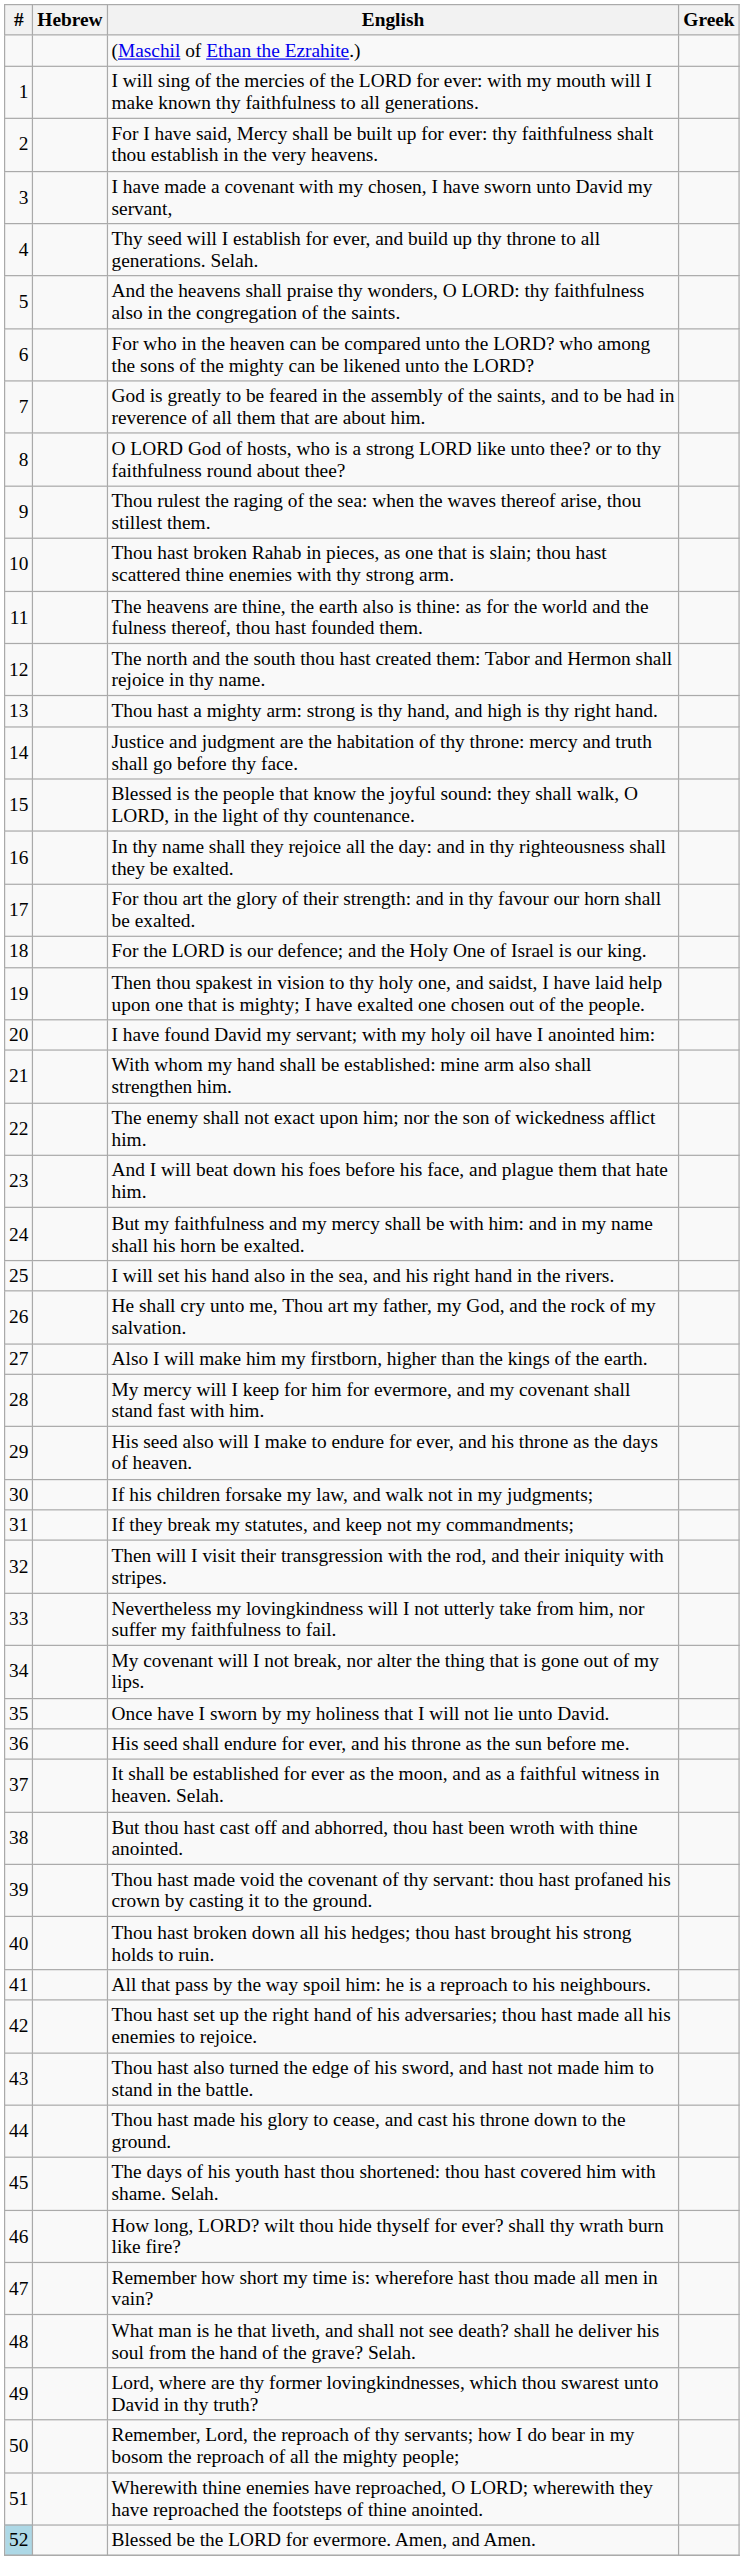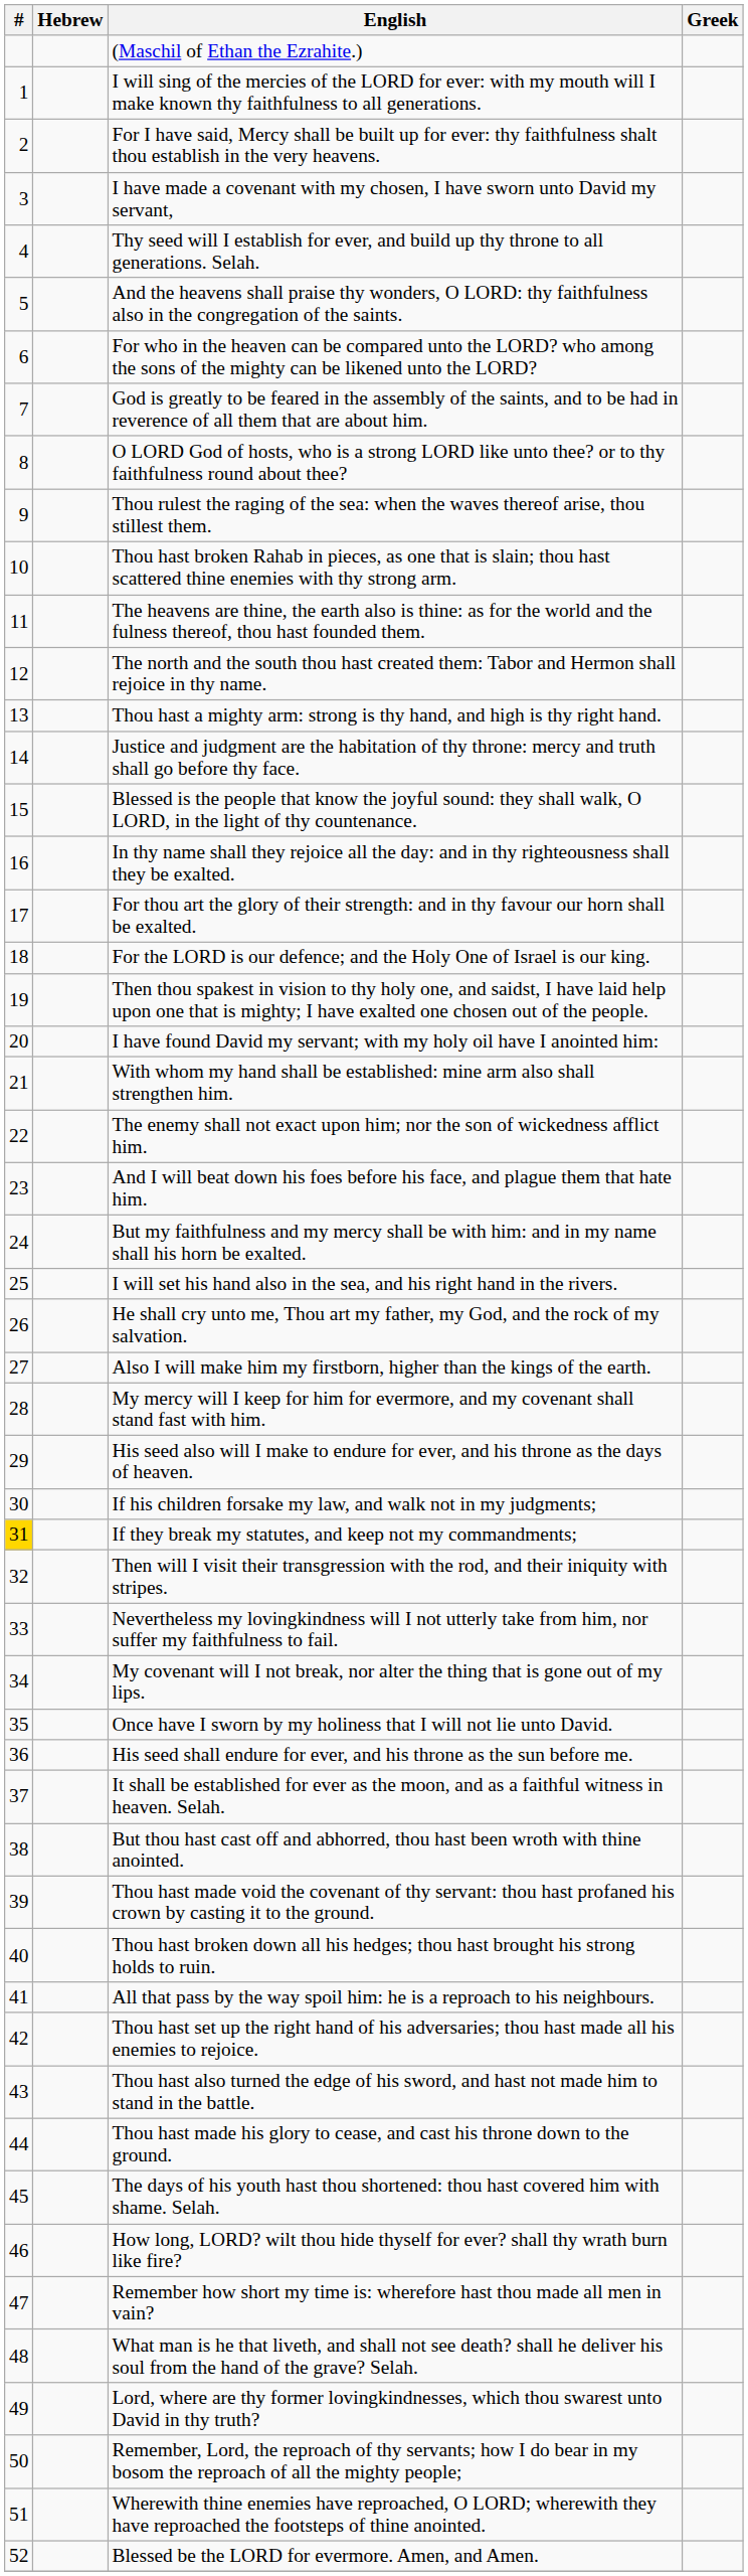 <table class=wikitable>
 <tr>
 <th>#</th>
 <th>Hebrew</th>
 <th>English</th>
 <th>Greek</th>
 </tr>
 <tr>
 <td style="text-align:right"></td>
 <td style="text-align:right"></td>
 <td>(<a href='#'>Maschil</a> of <a href='#'>Ethan the Ezrahite</a>.)</td>
 <td></td>
 </tr>
 <tr>
 <td style="text-align:right">1</td>
 <td style="text-align:right"></td>
 <td>I will sing of the mercies of the LORD for ever: with my mouth will I make known thy faithfulness to all generations.</td>
 <td></td>
 </tr>
 <tr>
 <td style="text-align:right">2</td>
 <td style="text-align:right"></td>
 <td>For I have said, Mercy shall be built up for ever: thy faithfulness shalt thou establish in the very heavens.</td>
 <td></td>
 </tr>
 <tr>
 <td style="text-align:right">3</td>
 <td style="text-align:right"></td>
 <td>I have made a covenant with my chosen, I have sworn unto David my servant,</td>
 <td></td>
 </tr>
 <tr>
 <td style="text-align:right">4</td>
 <td style="text-align:right"></td>
 <td>Thy seed will I establish for ever, and build up thy throne to all generations. Selah.</td>
 <td></td>
 </tr>
 <tr>
 <td style="text-align:right">5</td>
 <td style="text-align:right"></td>
 <td>And the heavens shall praise thy wonders, O LORD: thy faithfulness also in the congregation of the saints.</td>
 <td></td>
 </tr>
 <tr>
 <td style="text-align:right">6</td>
 <td style="text-align:right"></td>
 <td>For who in the heaven can be compared unto the LORD? who among the sons of the mighty can be likened unto the LORD?</td>
 <td></td>
 </tr>
 <tr>
 <td style="text-align:right">7</td>
 <td style="text-align:right"></td>
 <td>God is greatly to be feared in the assembly of the saints, and to be had in reverence of all them that are about him.</td>
 <td></td>
 </tr>
 <tr>
 <td style="text-align:right">8</td>
 <td style="text-align:right"></td>
 <td>O LORD God of hosts, who is a strong LORD like unto thee? or to thy faithfulness round about thee?</td>
 <td></td>
 </tr>
 <tr>
 <td style="text-align:right">9</td>
 <td style="text-align:right"></td>
 <td>Thou rulest the raging of the sea: when the waves thereof arise, thou stillest them.</td>
 <td></td>
 </tr>
 <tr>
 <td style="text-align:right">10</td>
 <td style="text-align:right"></td>
 <td>Thou hast broken Rahab in pieces, as one that is slain; thou hast scattered thine enemies with thy strong arm.</td>
 <td></td>
 </tr>
 <tr>
 <td style="text-align:right">11</td>
 <td style="text-align:right"></td>
 <td>The heavens are thine, the earth also is thine: as for the world and the fulness thereof, thou hast founded them.</td>
 <td></td>
 </tr>
 <tr>
 <td style="text-align:right">12</td>
 <td style="text-align:right"></td>
 <td>The north and the south thou hast created them: Tabor and Hermon shall rejoice in thy name.</td>
 <td></td>
 </tr>
 <tr>
 <td style="text-align:right">13</td>
 <td style="text-align:right"></td>
 <td>Thou hast a mighty arm: strong is thy hand, and high is thy right hand.</td>
 <td></td>
 </tr>
 <tr>
 <td style="text-align:right">14</td>
 <td style="text-align:right"></td>
 <td>Justice and judgment are the habitation of thy throne: mercy and truth shall go before thy face.</td>
 <td></td>
 </tr>
 <tr>
 <td style="text-align:right">15</td>
 <td style="text-align:right"></td>
 <td>Blessed is the people that know the joyful sound: they shall walk, O LORD, in the light of thy countenance.</td>
 <td></td>
 </tr>
 <tr>
 <td style="text-align:right">16</td>
 <td style="text-align:right"></td>
 <td>In thy name shall they rejoice all the day: and in thy righteousness shall they be exalted.</td>
 <td></td>
 </tr>
 <tr>
 <td style="text-align:right">17</td>
 <td style="text-align:right"></td>
 <td>For thou art the glory of their strength: and in thy favour our horn shall be exalted.</td>
 <td></td>
 </tr>
 <tr>
 <td style="text-align:right">18</td>
 <td style="text-align:right"></td>
 <td>For the LORD is our defence; and the Holy One of Israel is our king.</td>
 <td></td>
 </tr>
 <tr>
 <td style="text-align:right">19</td>
 <td style="text-align:right"></td>
 <td>Then thou spakest in vision to thy holy one, and saidst, I have laid help upon one that is mighty; I have exalted one chosen out of the people.</td>
 <td></td>
 </tr>
 <tr>
 <td style="text-align:right">20</td>
 <td style="text-align:right"></td>
 <td>I have found David my servant; with my holy oil have I anointed him:</td>
 <td></td>
 </tr>
 <tr>
 <td style="text-align:right">21</td>
 <td style="text-align:right"></td>
 <td>With whom my hand shall be established: mine arm also shall strengthen him.</td>
 <td></td>
 </tr>
 <tr>
 <td style="text-align:right">22</td>
 <td style="text-align:right"></td>
 <td>The enemy shall not exact upon him; nor the son of wickedness afflict him.</td>
 <td></td>
 </tr>
 <tr>
 <td style="text-align:right">23</td>
 <td style="text-align:right"></td>
 <td>And I will beat down his foes before his face, and plague them that hate him.</td>
 <td></td>
 </tr>
 <tr>
 <td style="text-align:right">24</td>
 <td style="text-align:right"></td>
 <td>But my faithfulness and my mercy shall be with him: and in my name shall his horn be exalted.</td>
 <td></td>
 </tr>
 <tr>
 <td style="text-align:right">25</td>
 <td style="text-align:right"></td>
 <td>I will set his hand also in the sea, and his right hand in the rivers.</td>
 <td></td>
 </tr>
 <tr>
 <td style="text-align:right">26</td>
 <td style="text-align:right"></td>
 <td>He shall cry unto me, Thou art my father, my God, and the rock of my salvation.</td>
 <td></td>
 </tr>
 <tr>
 <td style="text-align:right">27</td>
 <td style="text-align:right"></td>
 <td>Also I will make him my firstborn, higher than the kings of the earth.</td>
 <td></td>
 </tr>
 <tr>
 <td style="text-align:right">28</td>
 <td style="text-align:right"></td>
 <td>My mercy will I keep for him for evermore, and my covenant shall stand fast with him.</td>
 <td></td>
 </tr>
 <tr>
 <td style="text-align:right">29</td>
 <td style="text-align:right"></td>
 <td>His seed also will I make to endure for ever, and his throne as the days of heaven.</td>
 <td></td>
 </tr>
 <tr>
 <td style="text-align:right">30</td>
 <td style="text-align:right"></td>
 <td>If his children forsake my law, and walk not in my judgments;</td>
 <td></td>
 </tr>
 <tr>
-<td style="text-align:right">31</td>
+<td style="background: gold; text-align:right">31</td>
 <td style="text-align:right"></td>
 <td>If they break my statutes, and keep not my commandments;</td>
 <td></td>
 </tr>
 <tr>
 <td style="text-align:right">32</td>
 <td style="text-align:right"></td>
 <td>Then will I visit their transgression with the rod, and their iniquity with stripes.</td>
 <td></td>
 </tr>
 <tr>
 <td style="text-align:right">33</td>
 <td style="text-align:right"></td>
 <td>Nevertheless my lovingkindness will I not utterly take from him, nor suffer my faithfulness to fail.</td>
 <td></td>
 </tr>
 <tr>
 <td style="text-align:right">34</td>
 <td style="text-align:right"></td>
 <td>My covenant will I not break, nor alter the thing that is gone out of my lips.</td>
 <td></td>
 </tr>
 <tr>
 <td style="text-align:right">35</td>
 <td style="text-align:right"></td>
 <td>Once have I sworn by my holiness that I will not lie unto David.</td>
 <td></td>
 </tr>
 <tr>
 <td style="text-align:right">36</td>
 <td style="text-align:right"></td>
 <td>His seed shall endure for ever, and his throne as the sun before me.</td>
 <td></td>
 </tr>
 <tr>
 <td style="text-align:right">37</td>
 <td style="text-align:right"></td>
 <td>It shall be established for ever as the moon, and as a faithful witness in heaven. Selah.</td>
 <td></td>
 </tr>
 <tr>
 <td style="text-align:right">38</td>
 <td style="text-align:right"></td>
 <td>But thou hast cast off and abhorred, thou hast been wroth with thine anointed.</td>
 <td></td>
 </tr>
 <tr>
 <td style="text-align:right">39</td>
 <td style="text-align:right"></td>
 <td>Thou hast made void the covenant of thy servant: thou hast profaned his crown by casting it to the ground.</td>
 <td></td>
 </tr>
 <tr>
 <td style="text-align:right">40</td>
 <td style="text-align:right"></td>
 <td>Thou hast broken down all his hedges; thou hast brought his strong holds to ruin.</td>
 <td></td>
 </tr>
 <tr>
 <td style="text-align:right">41</td>
 <td style="text-align:right"></td>
 <td>All that pass by the way spoil him: he is a reproach to his neighbours.</td>
 <td></td>
 </tr>
 <tr>
 <td style="text-align:right">42</td>
 <td style="text-align:right"></td>
 <td>Thou hast set up the right hand of his adversaries; thou hast made all his enemies to rejoice.</td>
 <td></td>
 </tr>
 <tr>
 <td style="text-align:right">43</td>
 <td style="text-align:right"></td>
 <td>Thou hast also turned the edge of his sword, and hast not made him to stand in the battle.</td>
 <td></td>
 </tr>
 <tr>
 <td style="text-align:right">44</td>
 <td style="text-align:right"></td>
 <td>Thou hast made his glory to cease, and cast his throne down to the ground.</td>
 <td></td>
 </tr>
 <tr>
 <td style="text-align:right">45</td>
 <td style="text-align:right"></td>
 <td>The days of his youth hast thou shortened: thou hast covered him with shame. Selah.</td>
 <td></td>
 </tr>
 <tr>
 <td style="text-align:right">46</td>
 <td style="text-align:right"></td>
 <td>How long, LORD? wilt thou hide thyself for ever? shall thy wrath burn like fire?</td>
 <td></td>
 </tr>
 <tr>
 <td style="text-align:right">47</td>
 <td style="text-align:right"></td>
 <td>Remember how short my time is: wherefore hast thou made all men in vain?</td>
 <td></td>
 </tr>
 <tr>
 <td style="text-align:right">48</td>
 <td style="text-align:right"></td>
 <td>What man is he that liveth, and shall not see death? shall he deliver his soul from the hand of the grave? Selah.</td>
 <td></td>
 </tr>
 <tr>
 <td style="text-align:right">49</td>
 <td style="text-align:right"></td>
 <td>Lord, where are thy former lovingkindnesses, which thou swarest unto David in thy truth?</td>
 <td></td>
 </tr>
 <tr>
 <td style="text-align:right">50</td>
 <td style="text-align:right"></td>
 <td>Remember, Lord, the reproach of thy servants; how I do bear in my bosom the reproach of all the mighty people;</td>
 <td></td>
 </tr>
 <tr>
 <td style="text-align:right">51</td>
 <td style="text-align:right"></td>
 <td>Wherewith thine enemies have reproached, O LORD; wherewith they have reproached the footsteps of thine anointed.</td>
 <td></td>
 </tr>
 <tr>
-<td style="background: lightblue; text-align:right">52</td>
+<td style="text-align:right">52</td>
 <td style="text-align:right"></td>
 <td>Blessed be the LORD for evermore. Amen, and Amen.</td>
 <td></td>
 </tr>
 <tr>
 </tr>
 </table>
